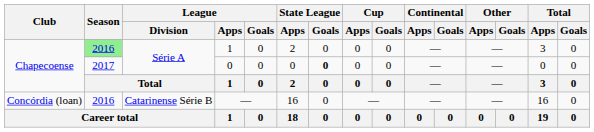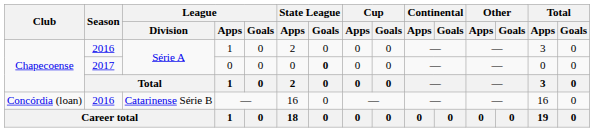 <table class="wikitable" style="text-align: center;">
 <tr>
 <th rowspan="2">Club</th>
 <th rowspan="2">Season</th>
 <th colspan="3">League</th>
 <th colspan="2">State League</th>
 <th colspan="2">Cup</th>
 <th colspan="2">Continental</th>
 <th colspan="2">Other</th>
 <th colspan="2">Total</th>
 </tr>
 <tr>
 <th>Division</th>
 <th>Apps</th>
 <th>Goals</th>
 <th>Apps</th>
 <th>Goals</th>
 <th>Apps</th>
 <th>Goals</th>
 <th>Apps</th>
 <th>Goals</th>
 <th>Apps</th>
 <th>Goals</th>
 <th>Apps</th>
 <th>Goals</th>
 </tr>
 <tr>
 <td rowspan=3 valign="center"><a href='#'>Chapecoense</a></td>
-<td style="background: lightgreen;"><a href='#'>2016</a></td>
+<td><a href='#'>2016</a></td>
 <td rowspan=2><a href='#'>Série A</a></td>
 <td>1</td>
 <td>0</td>
 <td>2</td>
 <td>0</td>
 <td>0</td>
 <td>0</td>
 <td colspan="2">—</td>
 <td colspan="2">—</td>
 <td>3</td>
 <td>0</td>
 </tr>
 <tr>
 <td><a href='#'>2017</a></td>
 <td>0</td>
 <td>0</td>
 <td>0</td>
 <td><strong>0</strong></td>
 <td>0</td>
 <td>0</td>
 <td colspan="2">—</td>
 <td colspan="2">—</td>
 <td>0</td>
 <td>0</td>
 </tr>
 <tr>
 <th colspan="2">Total</th>
 <th>1</th>
 <th>0</th>
 <th>2</th>
 <th>0</th>
 <th>0</th>
 <th>0</th>
 <th colspan="2">—</th>
 <th colspan="2">—</th>
 <th>3</th>
 <th>0</th>
 </tr>
 <tr>
 <td valign="center"><a href='#'>Concórdia</a> (loan)</td>
 <td><a href='#'>2016</a></td>
 <td><a href='#'>Catarinense</a> Série B</td>
 <td colspan="2">—</td>
 <td>16</td>
 <td>0</td>
 <td colspan="2">—</td>
 <td colspan="2">—</td>
 <td colspan="2">—</td>
 <td>16</td>
 <td>0</td>
 </tr>
 <tr>
 <th colspan="3"><strong>Career total</strong></th>
 <th>1</th>
 <th>0</th>
 <th>18</th>
 <th>0</th>
 <th>0</th>
 <th>0</th>
 <th>0</th>
 <th>0</th>
 <th>0</th>
 <th>0</th>
 <th>19</th>
 <th>0</th>
 </tr>
 </table>
